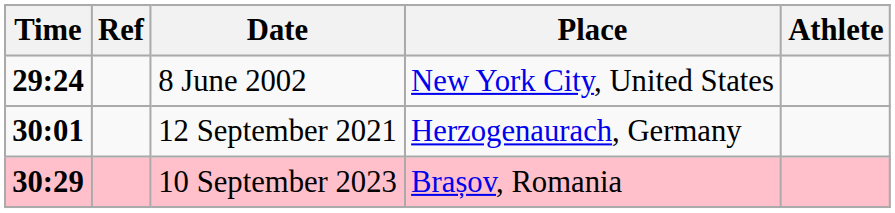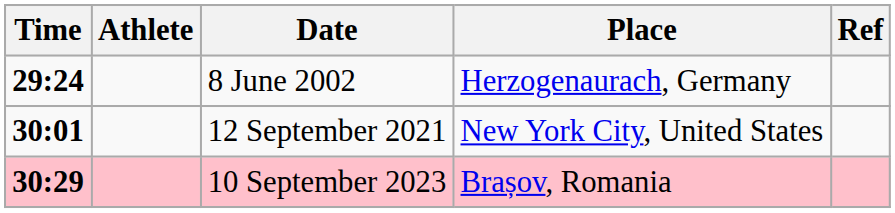 <table class="wikitable" style="font-size:95%">
 <tr>
 <th>Time</th>
-<th>Ref</th>
+<th>Athlete</th>
 <th>Date</th>
 <th>Place</th>
-<th>Athlete</th>
+<th>Ref</th>
 </tr>
 <tr>
 <td align=center><strong>29:24</strong></td>
 <td></td>
 <td>8 June 2002</td>
-<td><a href='#'>New York City</a>, United States</td>
+<td><a href='#'>Herzogenaurach</a>, Germany</td>
 <td></td>
 </tr>
 <tr>
 <td align=center><strong>30:01</strong></td>
 <td></td>
 <td>12 September 2021</td>
-<td><a href='#'>Herzogenaurach</a>, Germany</td>
+<td><a href='#'>New York City</a>, United States</td>
 <td></td>
 </tr>
 <tr style="background:pink">
 <td align=center><strong>30:29</strong></td>
 <td></td>
 <td>10 September 2023</td>
 <td><a href='#'>Brașov</a>, Romania</td>
 <td></td>
 </tr>
 </table>
